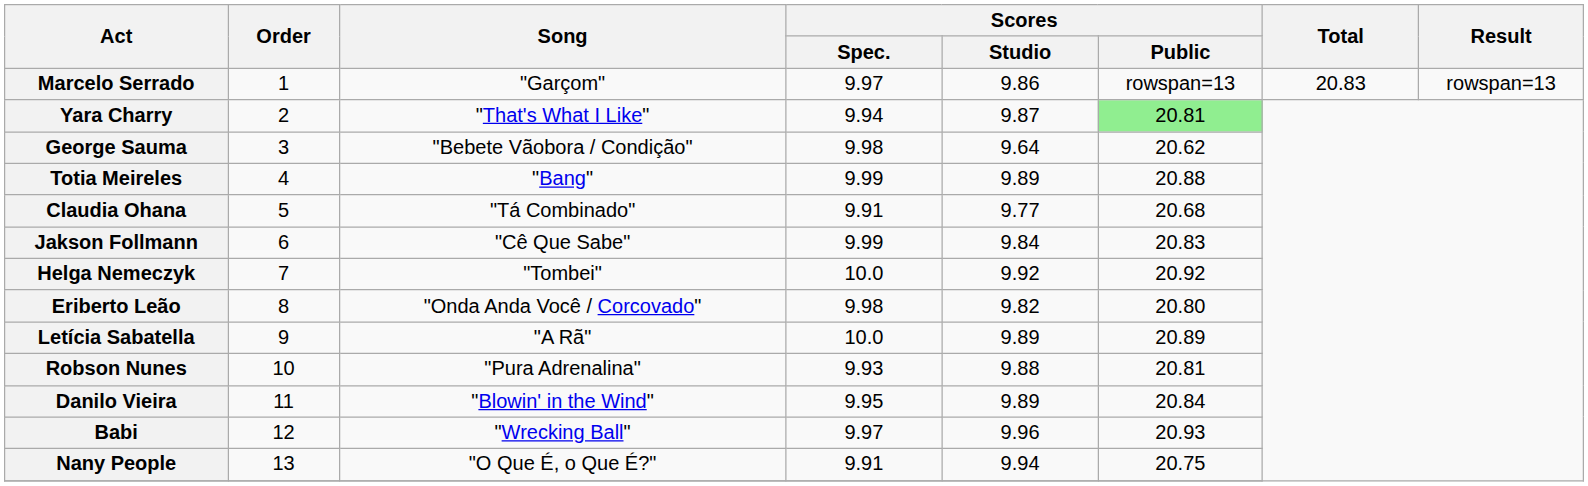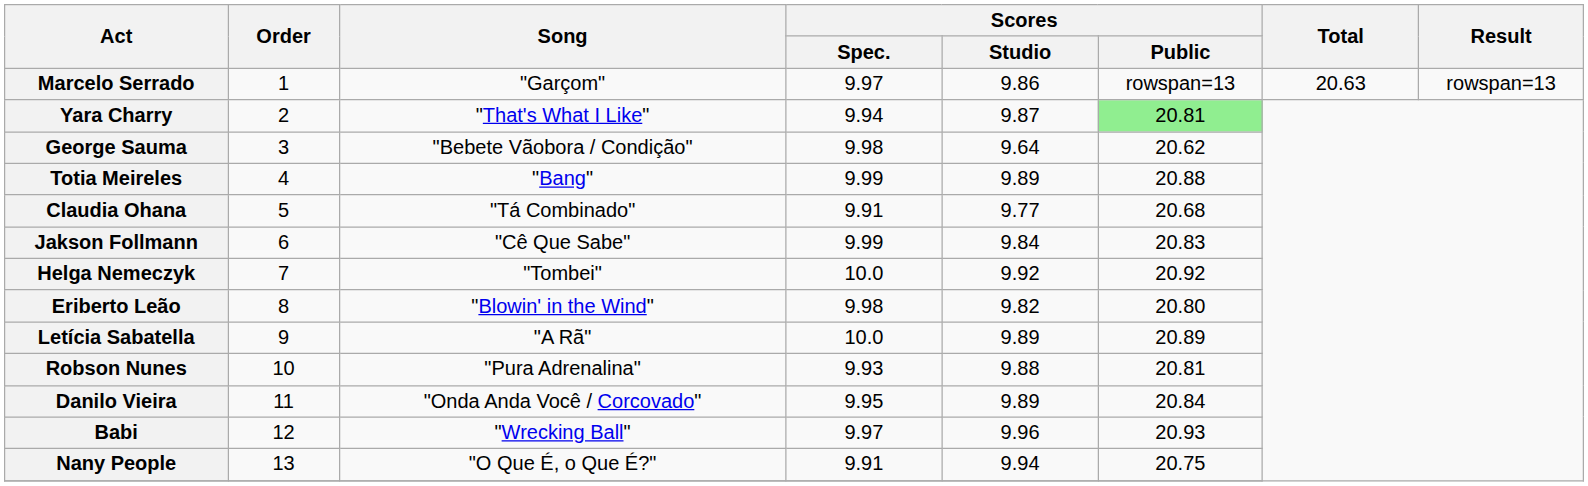 <table class="wikitable plainrowheaders" style="text-align:center; width:100%;">
 <tr>
 <th scope="col" rowspan=2 width="10.0%">Act</th>
 <th scope="col" rowspan=2 width="05.0%">Order</th>
 <th scope="col" rowspan=2 width="20.0%">Song</th>
 <th scope="col" colspan=3 width="20.0%">Scores</th>
 <th scope="col" rowspan=2 width="07.0%">Total</th>
 <th scope="col" rowspan=2 width="07.0%">Result</th>
 </tr>
 <tr>
 <th scope="col" width="07.0%">Spec.</th>
 <th scope="col" width="07.0%">Studio</th>
 <th scope="col" width="07.0%">Public</th>
 </tr>
 <tr>
 <th scope="row">Marcelo Serrado</th>
 <td>1</td>
 <td>"Garçom"</td>
 <td>9.97 </td>
 <td>9.86</td>
 <td>rowspan=13 </td>
-<td>20.83</td>
+<td>20.63</td>
 <td>rowspan=13 </td>
 </tr>
 <tr>
 <th scope="row">Yara Charry</th>
 <td>2</td>
 <td>"<a href='#'>That's What I Like</a>"</td>
 <td>9.94 </td>
 <td>9.87</td>
 <td style="background: lightgreen;">20.81</td>
 </tr>
 <tr>
 <th scope="row">George Sauma</th>
 <td>3</td>
 <td>"Bebete Vãobora / Condição"</td>
 <td>9.98 </td>
 <td>9.64</td>
 <td>20.62</td>
 </tr>
 <tr>
 <th scope="row">Totia Meireles</th>
 <td>4</td>
 <td>"<a href='#'>Bang</a>"</td>
 <td>9.99 </td>
 <td>9.89</td>
 <td>20.88</td>
 </tr>
 <tr>
 <th scope="row">Claudia Ohana</th>
 <td>5</td>
 <td>"Tá Combinado"</td>
 <td>9.91 </td>
 <td>9.77</td>
 <td>20.68</td>
 </tr>
 <tr>
 <th scope="row">Jakson Follmann</th>
 <td>6</td>
 <td>"Cê Que Sabe"</td>
 <td>9.99 </td>
 <td>9.84</td>
 <td>20.83</td>
 </tr>
 <tr>
 <th scope="row">Helga Nemeczyk</th>
 <td>7</td>
 <td>"Tombei"</td>
 <td>10.0 </td>
 <td>9.92</td>
 <td>20.92</td>
 </tr>
 <tr>
 <th scope="row">Eriberto Leão</th>
 <td>8</td>
-<td>"Onda Anda Você / <a href='#'>Corcovado</a>"</td>
+<td>"<a href='#'>Blowin' in the Wind</a>"</td>
 <td>9.98 </td>
 <td>9.82</td>
 <td>20.80</td>
 </tr>
 <tr>
 <th scope="row">Letícia Sabatella</th>
 <td>9</td>
 <td>"A Rã"</td>
 <td>10.0 </td>
 <td>9.89</td>
 <td>20.89</td>
 </tr>
 <tr>
 <th scope="row">Robson Nunes</th>
 <td>10</td>
 <td>"Pura Adrenalina"</td>
 <td>9.93 </td>
 <td>9.88</td>
 <td>20.81</td>
 </tr>
 <tr>
 <th scope="row">Danilo Vieira</th>
 <td>11</td>
-<td>"<a href='#'>Blowin' in the Wind</a>"</td>
+<td>"Onda Anda Você / <a href='#'>Corcovado</a>"</td>
 <td>9.95 </td>
 <td>9.89</td>
 <td>20.84</td>
 </tr>
 <tr>
 <th scope="row">Babi</th>
 <td>12</td>
 <td>"<a href='#'>Wrecking Ball</a>"</td>
 <td>9.97 </td>
 <td>9.96</td>
 <td>20.93</td>
 </tr>
 <tr>
 <th scope="row">Nany People</th>
 <td>13</td>
 <td>"O Que É, o Que É?"</td>
 <td>9.91 </td>
 <td>9.94</td>
 <td>20.75</td>
 </tr>
 <tr>
 </tr>
 </table>
